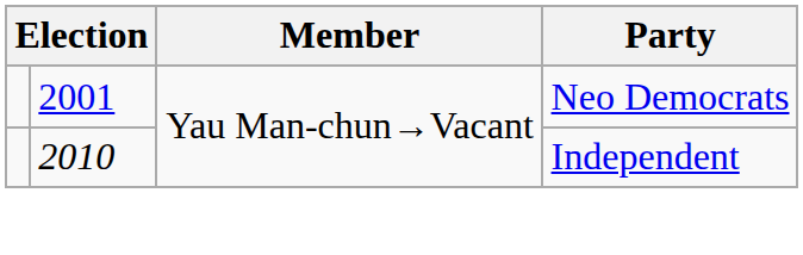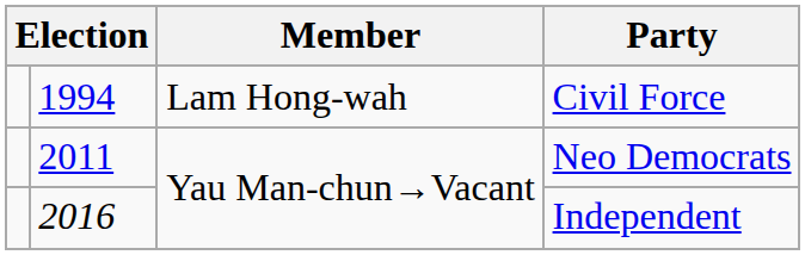 <table class="wikitable">
 <tr>
 <th colspan="2”">Election</th>
 <th>Member</th>
 <th>Party</th>
 </tr>
 <tr>
 <td style="background-color: "></td>
-<td><a href='#'>2001</a></td>
+<td><a href='#'>1994</a></td>
+<td rowspan=1>Lam Hong-wah</td>
+<td><a href='#'>Civil Force</a></td>
+</tr>
+<tr>
+<td style="background-color: "></td>
+<td><a href='#'>2011</a></td>
 <td rowspan=2>Yau Man-chun→Vacant</td>
 <td><a href='#'>Neo Democrats</a></td>
 </tr>
 <tr>
 <td style="background-color: "></td>
-<td><em>2010</em></td>
+<td><em>2016</em></td>
 <td><a href='#'>Independent</a></td>
 </tr>
 </table>
